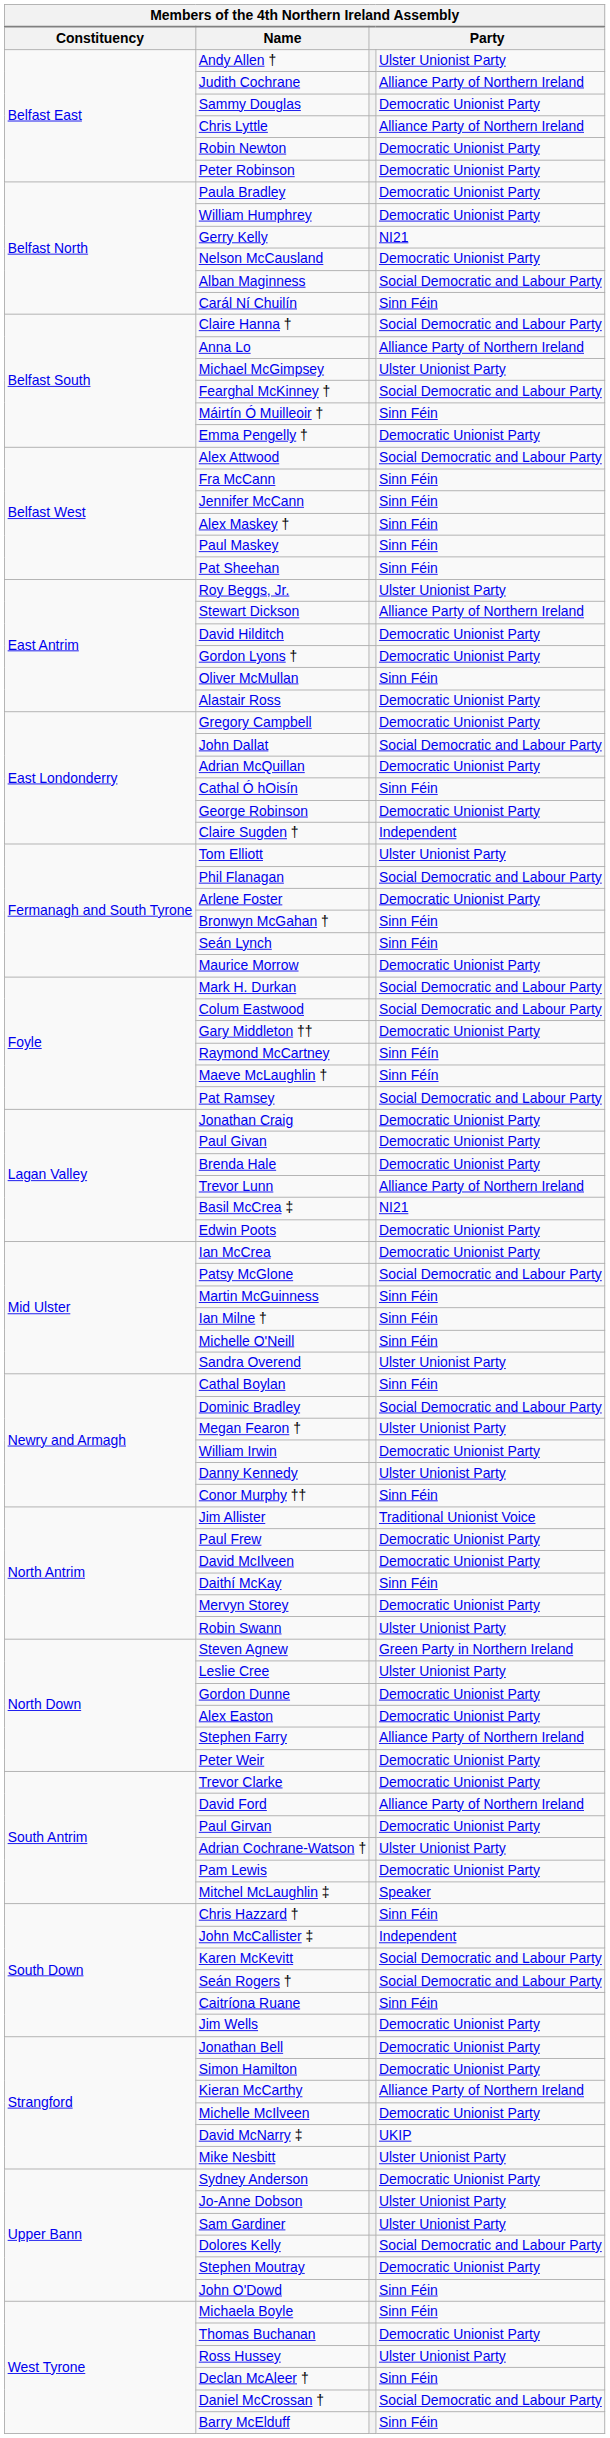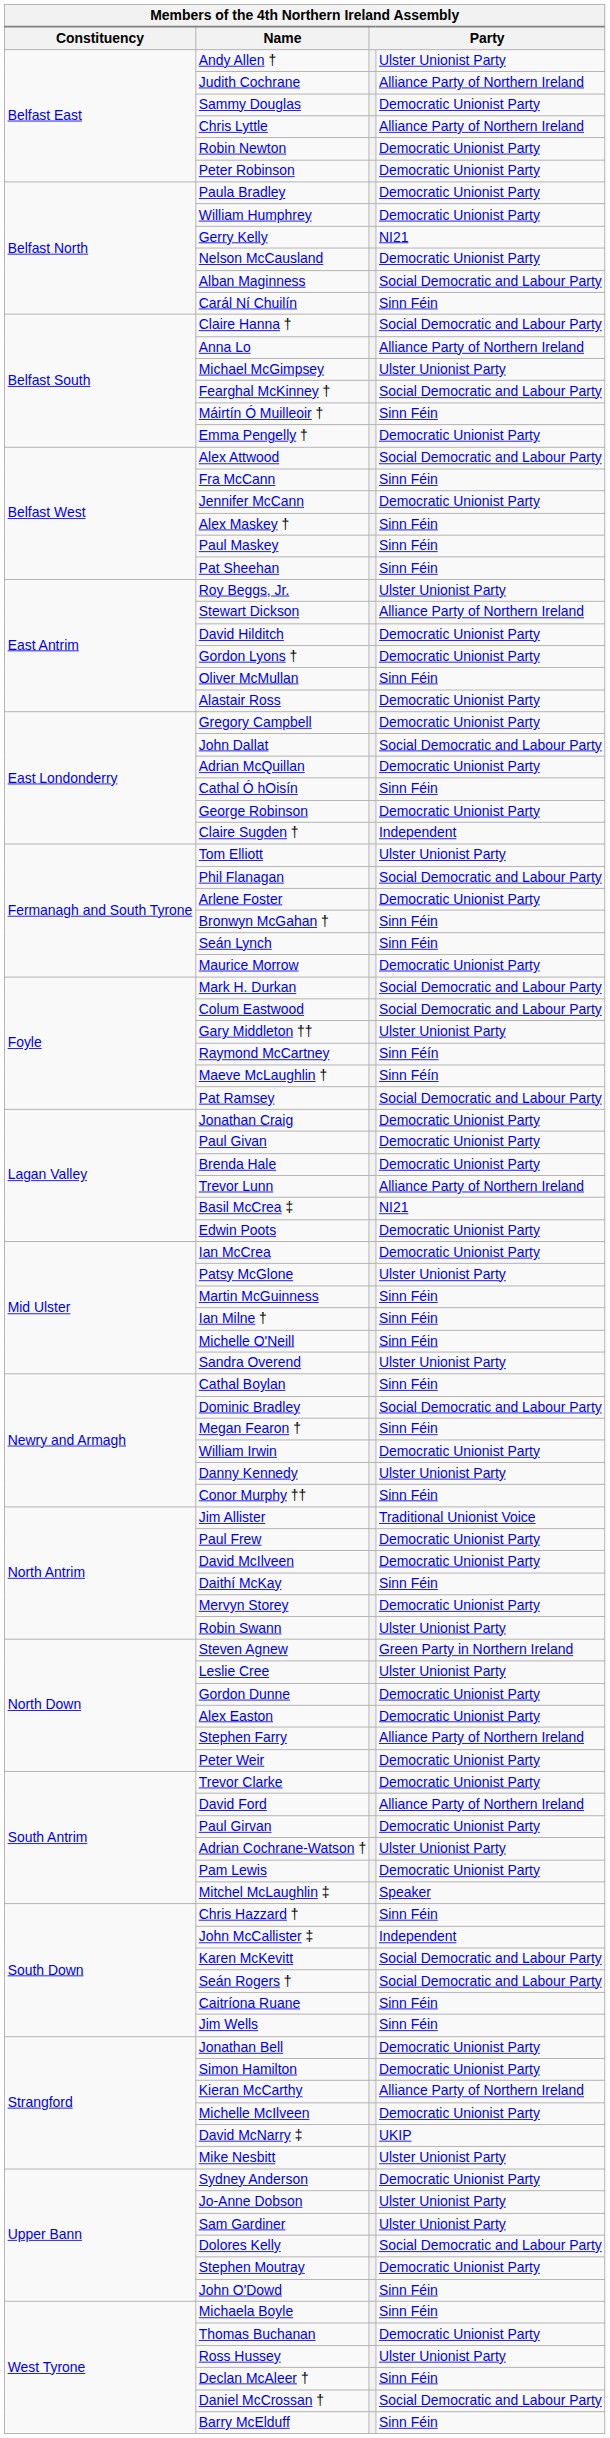 <table class="wikitable">
 <tr style="border-bottom: 2px solid gray;">
 <th colspan=4>Members of the 4th Northern Ireland Assembly</th>
 </tr>
 <tr>
 <th align=center>Constituency</th>
 <th align=center>Name</th>
 <th style="text-align:center;" colspan="2">Party</th>
 </tr>
 <tr>
 <td rowspan="6"><a href='#'>Belfast East</a></td>
 <td><a href='#'>Andy Allen</a> †</td>
 <th style="background-color: "></th>
 <td><a href='#'>Ulster Unionist Party</a></td>
 </tr>
 <tr>
 <td><a href='#'>Judith Cochrane</a></td>
 <th style="background-color: "></th>
 <td><a href='#'>Alliance Party of Northern Ireland</a></td>
 </tr>
 <tr>
 <td><a href='#'>Sammy Douglas</a></td>
 <th style="background-color: "></th>
 <td><a href='#'>Democratic Unionist Party</a></td>
 </tr>
 <tr>
 <td><a href='#'>Chris Lyttle</a></td>
 <th style="background-color: "></th>
 <td><a href='#'>Alliance Party of Northern Ireland</a></td>
 </tr>
 <tr>
 <td><a href='#'>Robin Newton</a></td>
 <th style="background-color: "></th>
 <td><a href='#'>Democratic Unionist Party</a></td>
 </tr>
 <tr>
 <td><a href='#'>Peter Robinson</a></td>
 <th style="background-color: "></th>
 <td><a href='#'>Democratic Unionist Party</a></td>
 </tr>
 <tr>
 <td rowspan="6"><a href='#'>Belfast North</a></td>
 <td><a href='#'>Paula Bradley</a></td>
 <th style="background-color: "></th>
 <td><a href='#'>Democratic Unionist Party</a></td>
 </tr>
 <tr>
 <td><a href='#'>William Humphrey</a></td>
 <th style="background-color: "></th>
 <td><a href='#'>Democratic Unionist Party</a></td>
 </tr>
 <tr>
 <td><a href='#'>Gerry Kelly</a></td>
 <th style="background-color: "></th>
 <td><a href='#'>NI21</a></td>
 </tr>
 <tr>
 <td><a href='#'>Nelson McCausland</a></td>
 <th style="background-color: "></th>
 <td><a href='#'>Democratic Unionist Party</a></td>
 </tr>
 <tr>
 <td><a href='#'>Alban Maginness</a></td>
 <th style="background-color: "></th>
 <td><a href='#'>Social Democratic and Labour Party</a></td>
 </tr>
 <tr>
 <td><a href='#'>Carál Ní Chuilín</a></td>
 <th style="background-color: "></th>
 <td><a href='#'>Sinn Féin</a></td>
 </tr>
 <tr>
 <td rowspan="6"><a href='#'>Belfast South</a></td>
 <td><a href='#'>Claire Hanna</a> †</td>
 <th style="background-color: "></th>
 <td><a href='#'>Social Democratic and Labour Party</a></td>
 </tr>
 <tr>
 <td><a href='#'>Anna Lo</a></td>
 <th style="background-color: "></th>
 <td><a href='#'>Alliance Party of Northern Ireland</a></td>
 </tr>
 <tr>
 <td><a href='#'>Michael McGimpsey</a></td>
 <th style="background-color: "></th>
 <td><a href='#'>Ulster Unionist Party</a></td>
 </tr>
 <tr>
 <td><a href='#'>Fearghal McKinney</a> †</td>
 <th style="background-color: "></th>
 <td><a href='#'>Social Democratic and Labour Party</a></td>
 </tr>
 <tr>
 <td><a href='#'>Máirtín Ó Muilleoir</a> †</td>
 <th style="background-color: "></th>
 <td><a href='#'>Sinn Féin</a></td>
 </tr>
 <tr>
 <td><a href='#'>Emma Pengelly</a> †</td>
 <th style="background-color: "></th>
 <td><a href='#'>Democratic Unionist Party</a></td>
 </tr>
 <tr>
 <td rowspan="6"><a href='#'>Belfast West</a></td>
 <td><a href='#'>Alex Attwood</a></td>
 <th style="background-color: "></th>
 <td><a href='#'>Social Democratic and Labour Party</a></td>
 </tr>
 <tr>
 <td><a href='#'>Fra McCann</a></td>
 <th style="background-color: "></th>
 <td><a href='#'>Sinn Féin</a></td>
 </tr>
 <tr>
 <td><a href='#'>Jennifer McCann</a></td>
 <th style="background-color: "></th>
-<td><a href='#'>Sinn Féin</a></td>
+<td><a href='#'>Democratic Unionist Party</a></td>
 </tr>
 <tr>
 <td><a href='#'>Alex Maskey</a> †</td>
 <th style="background-color: "></th>
 <td><a href='#'>Sinn Féin</a></td>
 </tr>
 <tr>
 <td><a href='#'>Paul Maskey</a></td>
 <th style="background-color: "></th>
 <td><a href='#'>Sinn Féin</a></td>
 </tr>
 <tr>
 <td><a href='#'>Pat Sheehan</a></td>
 <th style="background-color: "></th>
 <td><a href='#'>Sinn Féin</a></td>
 </tr>
 <tr>
 <td rowspan="6"><a href='#'>East Antrim</a></td>
 <td><a href='#'>Roy Beggs, Jr.</a></td>
 <th style="background-color: "></th>
 <td><a href='#'>Ulster Unionist Party</a></td>
 </tr>
 <tr>
 <td><a href='#'>Stewart Dickson</a></td>
 <th style="background-color: "></th>
 <td><a href='#'>Alliance Party of Northern Ireland</a></td>
 </tr>
 <tr>
 <td><a href='#'>David Hilditch</a></td>
 <th style="background-color: "></th>
 <td><a href='#'>Democratic Unionist Party</a></td>
 </tr>
 <tr>
 <td><a href='#'>Gordon Lyons</a> †</td>
 <th style="background-color: "></th>
 <td><a href='#'>Democratic Unionist Party</a></td>
 </tr>
 <tr>
 <td><a href='#'>Oliver McMullan</a></td>
 <th style="background-color: "></th>
 <td><a href='#'>Sinn Féin</a></td>
 </tr>
 <tr>
 <td><a href='#'>Alastair Ross</a></td>
 <th style="background-color: "></th>
 <td><a href='#'>Democratic Unionist Party</a></td>
 </tr>
 <tr>
 <td rowspan="6"><a href='#'>East Londonderry</a></td>
 <td><a href='#'>Gregory Campbell</a></td>
 <th style="background-color: "></th>
 <td><a href='#'>Democratic Unionist Party</a></td>
 </tr>
 <tr>
 <td><a href='#'>John Dallat</a></td>
 <th style="background-color: "></th>
 <td><a href='#'>Social Democratic and Labour Party</a></td>
 </tr>
 <tr>
 <td><a href='#'>Adrian McQuillan</a></td>
 <th style="background-color: "></th>
 <td><a href='#'>Democratic Unionist Party</a></td>
 </tr>
 <tr>
 <td><a href='#'>Cathal Ó hOisín</a></td>
 <th style="background-color: "></th>
 <td><a href='#'>Sinn Féin</a></td>
 </tr>
 <tr>
 <td><a href='#'>George Robinson</a></td>
 <th style="background-color: "></th>
 <td><a href='#'>Democratic Unionist Party</a></td>
 </tr>
 <tr>
 <td><a href='#'>Claire Sugden</a> †</td>
 <th style="background-color: "></th>
 <td><a href='#'>Independent</a></td>
 </tr>
 <tr>
 <td rowspan="6"><a href='#'>Fermanagh and South Tyrone</a></td>
 <td><a href='#'>Tom Elliott</a></td>
 <th style="background-color: "></th>
 <td><a href='#'>Ulster Unionist Party</a></td>
 </tr>
 <tr>
 <td><a href='#'>Phil Flanagan</a></td>
 <th style="background-color: "></th>
 <td><a href='#'>Social Democratic and Labour Party</a></td>
 </tr>
 <tr>
 <td><a href='#'>Arlene Foster</a></td>
 <th style="background-color: "></th>
 <td><a href='#'>Democratic Unionist Party</a></td>
 </tr>
 <tr>
 <td><a href='#'>Bronwyn McGahan</a> †</td>
 <th style="background-color: "></th>
 <td><a href='#'>Sinn Féin</a></td>
 </tr>
 <tr>
 <td><a href='#'>Seán Lynch</a></td>
 <th style="background-color: "></th>
 <td><a href='#'>Sinn Féin</a></td>
 </tr>
 <tr>
 <td><a href='#'>Maurice Morrow</a></td>
 <th style="background-color: "></th>
 <td><a href='#'>Democratic Unionist Party</a></td>
 </tr>
 <tr>
 <td rowspan="6"><a href='#'>Foyle</a></td>
 <td><a href='#'>Mark H. Durkan</a></td>
 <th style="background-color: "></th>
 <td><a href='#'>Social Democratic and Labour Party</a></td>
 </tr>
 <tr>
 <td><a href='#'>Colum Eastwood</a></td>
 <th style="background-color: "></th>
 <td><a href='#'>Social Democratic and Labour Party</a></td>
 </tr>
 <tr>
 <td><a href='#'>Gary Middleton</a> ††</td>
 <th style="background-color: "></th>
-<td><a href='#'>Democratic Unionist Party</a></td>
+<td><a href='#'>Ulster Unionist Party</a></td>
 </tr>
 <tr>
 <td><a href='#'>Raymond McCartney</a></td>
 <th style="background-color: "></th>
 <td><a href='#'>Sinn Féín</a></td>
 </tr>
 <tr>
 <td><a href='#'>Maeve McLaughlin</a> †</td>
 <th style="background-color: "></th>
 <td><a href='#'>Sinn Féín</a></td>
 </tr>
 <tr>
 <td><a href='#'>Pat Ramsey</a></td>
 <th style="background-color: "></th>
 <td><a href='#'>Social Democratic and Labour Party</a></td>
 </tr>
 <tr>
 <td rowspan="6"><a href='#'>Lagan Valley</a></td>
 <td><a href='#'>Jonathan Craig</a></td>
 <th style="background-color: "></th>
 <td><a href='#'>Democratic Unionist Party</a></td>
 </tr>
 <tr>
 <td><a href='#'>Paul Givan</a></td>
 <th style="background-color: "></th>
 <td><a href='#'>Democratic Unionist Party</a></td>
 </tr>
 <tr>
 <td><a href='#'>Brenda Hale</a></td>
 <th style="background-color: "></th>
 <td><a href='#'>Democratic Unionist Party</a></td>
 </tr>
 <tr>
 <td><a href='#'>Trevor Lunn</a></td>
 <th style="background-color: "></th>
 <td><a href='#'>Alliance Party of Northern Ireland</a></td>
 </tr>
 <tr>
 <td><a href='#'>Basil McCrea</a> ‡</td>
 <th style="background-color: "></th>
 <td><a href='#'>NI21</a></td>
 </tr>
 <tr>
 <td><a href='#'>Edwin Poots</a></td>
 <th style="background-color: "></th>
 <td><a href='#'>Democratic Unionist Party</a></td>
 </tr>
 <tr>
 <td rowspan="6"><a href='#'>Mid Ulster</a></td>
 <td><a href='#'>Ian McCrea</a></td>
 <th style="background-color: "></th>
 <td><a href='#'>Democratic Unionist Party</a></td>
 </tr>
 <tr>
 <td><a href='#'>Patsy McGlone</a></td>
 <th style="background-color: "></th>
-<td><a href='#'>Social Democratic and Labour Party</a></td>
+<td><a href='#'>Ulster Unionist Party</a></td>
 </tr>
 <tr>
 <td><a href='#'>Martin McGuinness</a></td>
 <th style="background-color: "></th>
 <td><a href='#'>Sinn Féin</a></td>
 </tr>
 <tr>
 <td><a href='#'>Ian Milne</a> †</td>
 <th style="background-color: "></th>
 <td><a href='#'>Sinn Féin</a></td>
 </tr>
 <tr>
 <td><a href='#'>Michelle O'Neill</a></td>
 <th style="background-color: "></th>
 <td><a href='#'>Sinn Féin</a></td>
 </tr>
 <tr>
 <td><a href='#'>Sandra Overend</a></td>
 <th style="background-color: "></th>
 <td><a href='#'>Ulster Unionist Party</a></td>
 </tr>
 <tr>
 <td rowspan="6"><a href='#'>Newry and Armagh</a></td>
 <td><a href='#'>Cathal Boylan</a></td>
 <th style="background-color: "></th>
 <td><a href='#'>Sinn Féin</a></td>
 </tr>
 <tr>
 <td><a href='#'>Dominic Bradley</a></td>
 <th style="background-color: "></th>
 <td><a href='#'>Social Democratic and Labour Party</a></td>
 </tr>
 <tr>
 <td><a href='#'>Megan Fearon</a> †</td>
 <th style="background-color: "></th>
-<td><a href='#'>Ulster Unionist Party</a></td>
+<td><a href='#'>Sinn Féin</a></td>
 </tr>
 <tr>
 <td><a href='#'>William Irwin</a></td>
 <th style="background-color: "></th>
 <td><a href='#'>Democratic Unionist Party</a></td>
 </tr>
 <tr>
 <td><a href='#'>Danny Kennedy</a></td>
 <th style="background-color: "></th>
 <td><a href='#'>Ulster Unionist Party</a></td>
 </tr>
 <tr>
 <td><a href='#'>Conor Murphy</a> ††</td>
 <th style="background-color: "></th>
 <td><a href='#'>Sinn Féin</a></td>
 </tr>
 <tr>
 <td rowspan="6"><a href='#'>North Antrim</a></td>
 <td><a href='#'>Jim Allister</a></td>
 <th style="background-color: "></th>
 <td><a href='#'>Traditional Unionist Voice</a></td>
 </tr>
 <tr>
 <td><a href='#'>Paul Frew</a></td>
 <th style="background-color: "></th>
 <td><a href='#'>Democratic Unionist Party</a></td>
 </tr>
 <tr>
 <td><a href='#'>David McIlveen</a></td>
 <th style="background-color: "></th>
 <td><a href='#'>Democratic Unionist Party</a></td>
 </tr>
 <tr>
 <td><a href='#'>Daithí McKay</a></td>
 <th style="background-color: "></th>
 <td><a href='#'>Sinn Féin</a></td>
 </tr>
 <tr>
 <td><a href='#'>Mervyn Storey</a></td>
 <th style="background-color: "></th>
 <td><a href='#'>Democratic Unionist Party</a></td>
 </tr>
 <tr>
 <td><a href='#'>Robin Swann</a></td>
 <th style="background-color: "></th>
 <td><a href='#'>Ulster Unionist Party</a></td>
 </tr>
 <tr>
 <td rowspan="6"><a href='#'>North Down</a></td>
 <td><a href='#'>Steven Agnew</a></td>
 <th style="background-color: "></th>
 <td><a href='#'>Green Party in Northern Ireland</a></td>
 </tr>
 <tr>
 <td><a href='#'>Leslie Cree</a></td>
 <th style="background-color: "></th>
 <td><a href='#'>Ulster Unionist Party</a></td>
 </tr>
 <tr>
 <td><a href='#'>Gordon Dunne</a></td>
 <th style="background-color: "></th>
 <td><a href='#'>Democratic Unionist Party</a></td>
 </tr>
 <tr>
 <td><a href='#'>Alex Easton</a></td>
 <th style="background-color: "></th>
 <td><a href='#'>Democratic Unionist Party</a></td>
 </tr>
 <tr>
 <td><a href='#'>Stephen Farry</a></td>
 <th style="background-color: "></th>
 <td><a href='#'>Alliance Party of Northern Ireland</a></td>
 </tr>
 <tr>
 <td><a href='#'>Peter Weir</a></td>
 <th style="background-color: "></th>
 <td><a href='#'>Democratic Unionist Party</a></td>
 </tr>
 <tr>
 <td rowspan="6"><a href='#'>South Antrim</a></td>
 <td><a href='#'>Trevor Clarke</a></td>
 <th style="background-color: "></th>
 <td><a href='#'>Democratic Unionist Party</a></td>
 </tr>
 <tr>
 <td><a href='#'>David Ford</a></td>
 <th style="background-color: "></th>
 <td><a href='#'>Alliance Party of Northern Ireland</a></td>
 </tr>
 <tr>
 <td><a href='#'>Paul Girvan</a></td>
 <th style="background-color: "></th>
 <td><a href='#'>Democratic Unionist Party</a></td>
 </tr>
 <tr>
 <td><a href='#'>Adrian Cochrane-Watson</a> †</td>
 <th style="background-color: "></th>
 <td><a href='#'>Ulster Unionist Party</a></td>
 </tr>
 <tr>
 <td><a href='#'>Pam Lewis</a></td>
 <th style="background-color: "></th>
 <td><a href='#'>Democratic Unionist Party</a></td>
 </tr>
 <tr>
 <td><a href='#'>Mitchel McLaughlin</a> ‡</td>
 <th style="background-color: "></th>
 <td><a href='#'>Speaker</a></td>
 </tr>
 <tr>
 <td rowspan="6"><a href='#'>South Down</a></td>
 <td><a href='#'>Chris Hazzard</a> †</td>
 <th style="background-color: "></th>
 <td><a href='#'>Sinn Féin</a></td>
 </tr>
 <tr>
 <td><a href='#'>John McCallister</a> ‡</td>
 <th style="background-color: "></th>
 <td><a href='#'>Independent</a></td>
 </tr>
 <tr>
 <td><a href='#'>Karen McKevitt</a></td>
 <th style="background-color: "></th>
 <td><a href='#'>Social Democratic and Labour Party</a></td>
 </tr>
 <tr>
 <td><a href='#'>Seán Rogers</a> †</td>
 <th style="background-color: "></th>
 <td><a href='#'>Social Democratic and Labour Party</a></td>
 </tr>
 <tr>
 <td><a href='#'>Caitríona Ruane</a></td>
 <th style="background-color: "></th>
 <td><a href='#'>Sinn Féin</a></td>
 </tr>
 <tr>
 <td><a href='#'>Jim Wells</a></td>
 <th style="background-color: "></th>
-<td><a href='#'>Democratic Unionist Party</a></td>
+<td><a href='#'>Sinn Féin</a></td>
 </tr>
 <tr>
 <td rowspan="6"><a href='#'>Strangford</a></td>
 <td><a href='#'>Jonathan Bell</a></td>
 <th style="background-color: "></th>
 <td><a href='#'>Democratic Unionist Party</a></td>
 </tr>
 <tr>
 <td><a href='#'>Simon Hamilton</a></td>
 <th style="background-color: "></th>
 <td><a href='#'>Democratic Unionist Party</a></td>
 </tr>
 <tr>
 <td><a href='#'>Kieran McCarthy</a></td>
 <th style="background-color: "></th>
 <td><a href='#'>Alliance Party of Northern Ireland</a></td>
 </tr>
 <tr>
 <td><a href='#'>Michelle McIlveen</a></td>
 <th style="background-color: "></th>
 <td><a href='#'>Democratic Unionist Party</a></td>
 </tr>
 <tr>
 <td><a href='#'>David McNarry</a> ‡</td>
 <th style="background-color: "></th>
 <td><a href='#'>UKIP</a></td>
 </tr>
 <tr>
 <td><a href='#'>Mike Nesbitt</a></td>
 <th style="background-color: "></th>
 <td><a href='#'>Ulster Unionist Party</a></td>
 </tr>
 <tr>
 <td rowspan="6"><a href='#'>Upper Bann</a></td>
 <td><a href='#'>Sydney Anderson</a></td>
 <th style="background-color: "></th>
 <td><a href='#'>Democratic Unionist Party</a></td>
 </tr>
 <tr>
 <td><a href='#'>Jo-Anne Dobson</a></td>
 <th style="background-color: "></th>
 <td><a href='#'>Ulster Unionist Party</a></td>
 </tr>
 <tr>
 <td><a href='#'>Sam Gardiner</a></td>
 <th style="background-color: "></th>
 <td><a href='#'>Ulster Unionist Party</a></td>
 </tr>
 <tr>
 <td><a href='#'>Dolores Kelly</a></td>
 <th style="background-color: "></th>
 <td><a href='#'>Social Democratic and Labour Party</a></td>
 </tr>
 <tr>
 <td><a href='#'>Stephen Moutray</a></td>
 <th style="background-color: "></th>
 <td><a href='#'>Democratic Unionist Party</a></td>
 </tr>
 <tr>
 <td><a href='#'>John O'Dowd</a></td>
 <th style="background-color: "></th>
 <td><a href='#'>Sinn Féin</a></td>
 </tr>
 <tr>
 <td rowspan="6"><a href='#'>West Tyrone</a></td>
 <td><a href='#'>Michaela Boyle</a></td>
 <th style="background-color: "></th>
 <td><a href='#'>Sinn Féin</a></td>
 </tr>
 <tr>
 <td><a href='#'>Thomas Buchanan</a></td>
 <th style="background-color: "></th>
 <td><a href='#'>Democratic Unionist Party</a></td>
 </tr>
 <tr>
 <td><a href='#'>Ross Hussey</a></td>
 <th style="background-color: "></th>
 <td><a href='#'>Ulster Unionist Party</a></td>
 </tr>
 <tr>
 <td><a href='#'>Declan McAleer</a> †</td>
 <th style="background-color: "></th>
 <td><a href='#'>Sinn Féin</a></td>
 </tr>
 <tr>
 <td><a href='#'>Daniel McCrossan</a> †</td>
 <th style="background-color: "></th>
 <td><a href='#'>Social Democratic and Labour Party</a></td>
 </tr>
 <tr>
 <td><a href='#'>Barry McElduff</a></td>
 <th style="background-color: "></th>
 <td><a href='#'>Sinn Féin</a></td>
 </tr>
 </table>
